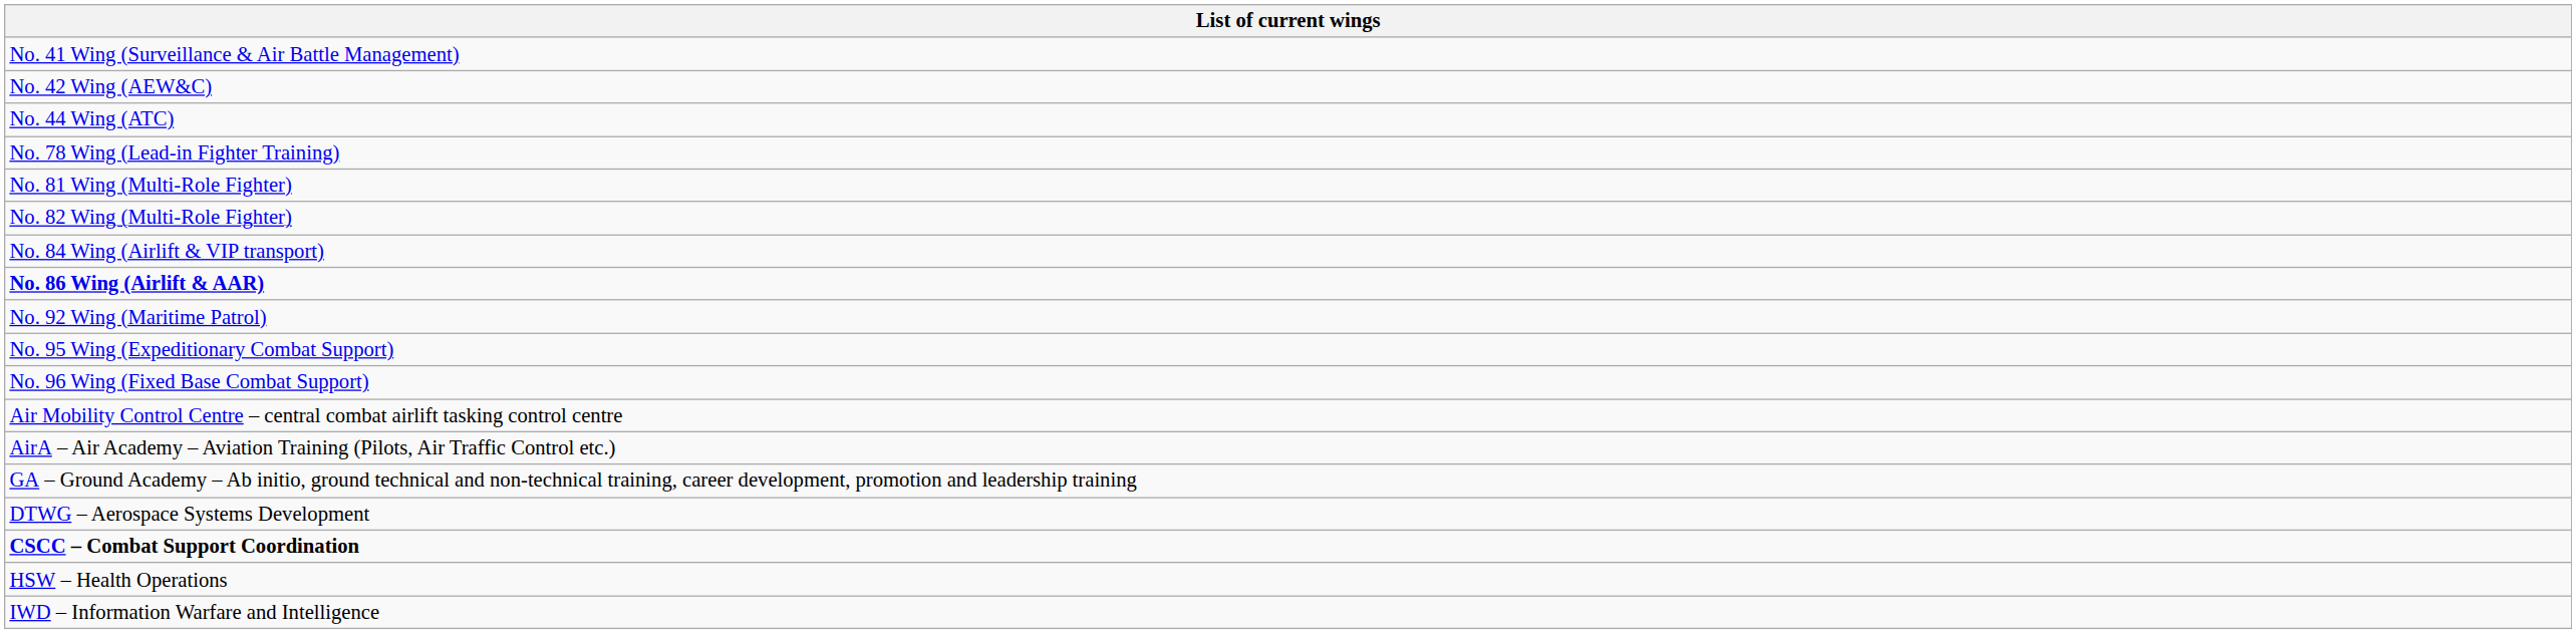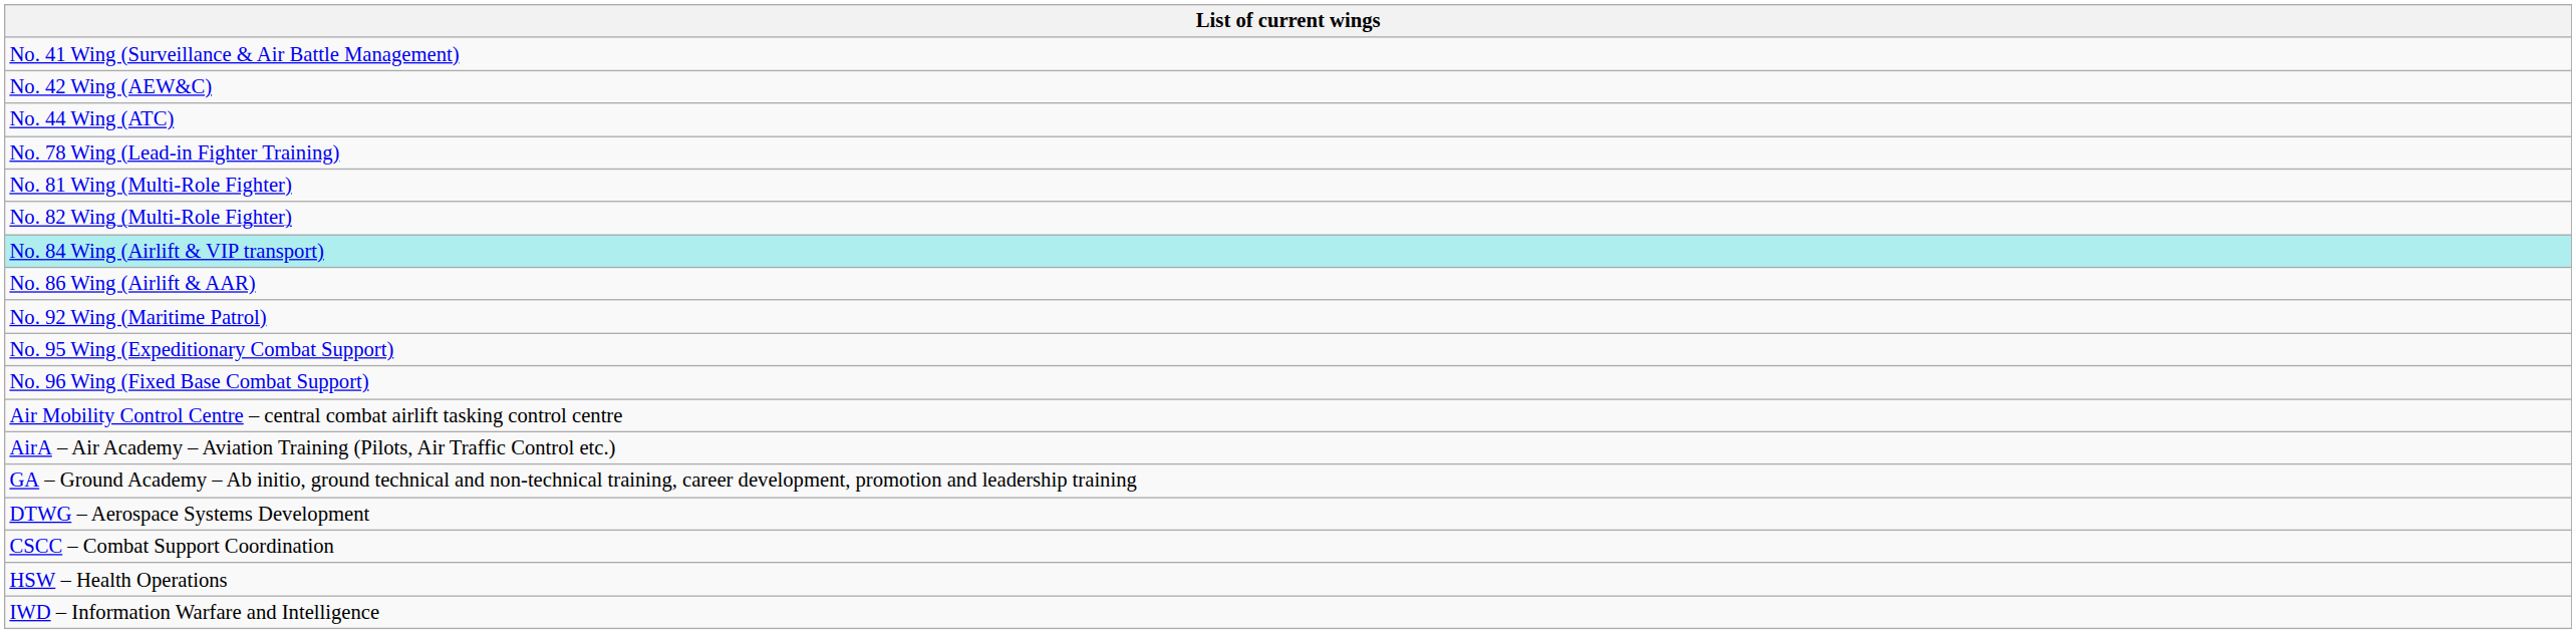 <table class="wikitable collapsible collapsed" width="100%">
 <tr>
 <th>List of current wings</th>
 </tr>
 <tr>
 <td><a href='#'>No. 41 Wing (Surveillance & Air Battle Management)</a></td>
 </tr>
 <tr>
 <td><a href='#'>No. 42 Wing (AEW&C)</a></td>
 </tr>
 <tr>
 <td><a href='#'>No. 44 Wing (ATC)</a></td>
 </tr>
 <tr>
 <td><a href='#'>No. 78 Wing (Lead-in Fighter Training)</a></td>
 </tr>
 <tr>
 <td><a href='#'>No. 81 Wing (Multi-Role Fighter)</a></td>
 </tr>
 <tr>
 <td><a href='#'>No. 82 Wing (Multi-Role Fighter)</a></td>
 </tr>
 <tr>
-<td><a href='#'>No. 84 Wing (Airlift & VIP transport)</a></td>
+<td style="background: paleturquoise;"><a href='#'>No. 84 Wing (Airlift & VIP transport)</a></td>
 </tr>
 <tr>
-<td><strong><a href='#'>No. 86 Wing (Airlift & AAR)</a></strong></td>
+<td><a href='#'>No. 86 Wing (Airlift & AAR)</a></td>
 </tr>
 <tr>
 <td><a href='#'>No. 92 Wing (Maritime Patrol)</a></td>
 </tr>
 <tr>
 <td><a href='#'>No. 95 Wing (Expeditionary Combat Support)</a></td>
 </tr>
 <tr>
 <td><a href='#'>No. 96 Wing (Fixed Base Combat Support)</a></td>
 </tr>
 <tr>
 <td><a href='#'>Air Mobility Control Centre</a> – central combat airlift tasking control centre</td>
 </tr>
 <tr>
 <td><a href='#'>AirA</a> – Air Academy – Aviation Training (Pilots, Air Traffic Control etc.)</td>
 </tr>
 <tr>
 <td><a href='#'>GA</a> – Ground Academy – Ab initio, ground technical and non-technical training, career development, promotion and leadership training</td>
 </tr>
 <tr>
 <td><a href='#'>DTWG</a> – Aerospace Systems Development</td>
 </tr>
 <tr>
-<td><strong><a href='#'>CSCC</a> – Combat Support Coordination</strong></td>
+<td><a href='#'>CSCC</a> – Combat Support Coordination</td>
 </tr>
 <tr>
 <td><a href='#'>HSW</a> – Health Operations</td>
 </tr>
 <tr>
 <td><a href='#'>IWD</a> – Information Warfare and Intelligence</td>
 </tr>
 </table>
